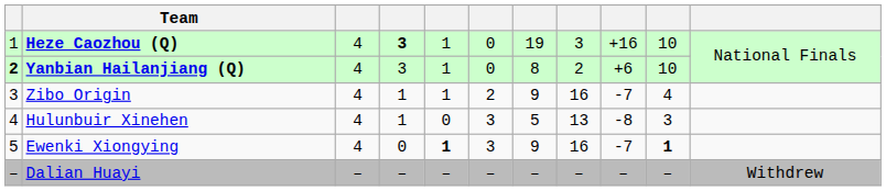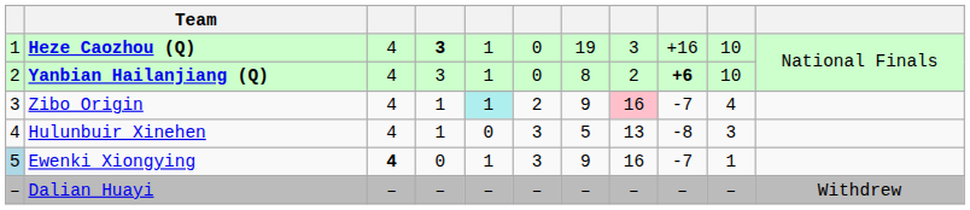 <table class="wikitable" style="text-align:center;">
 <tr>
 <th></th>
 <th width=250>Team</th>
 <th width=30></th>
 <th width=30></th>
 <th width=30></th>
 <th width=30></th>
 <th width=30></th>
 <th width=30></th>
 <th width=30></th>
 <th width=30></th>
 <th width=150></th>
 </tr>
 <tr bgcolor="#ccffcc">
 <td>1</td>
 <td align="left"><strong><a href='#'>Heze Caozhou</a> (Q)</strong></td>
 <td>4</td>
 <td><strong>3</strong></td>
 <td>1</td>
 <td>0</td>
 <td>19</td>
 <td>3</td>
 <td>+16</td>
 <td>10</td>
 <td rowspan=2>National Finals</td>
 </tr>
 <tr bgcolor="#ccffcc">
-<td><strong>2</strong></td>
+<td>2</td>
 <td align="left"><strong><a href='#'>Yanbian Hailanjiang</a> (Q)</strong></td>
 <td>4</td>
 <td>3</td>
 <td>1</td>
 <td>0</td>
 <td>8</td>
 <td>2</td>
-<td>+6</td>
+<td><strong>+6</strong></td>
 <td>10</td>
 </tr>
 <tr>
 <td>3</td>
 <td align="left"><a href='#'>Zibo Origin</a></td>
 <td>4</td>
 <td>1</td>
-<td>1</td>
+<td style="background: paleturquoise;">1</td>
 <td>2</td>
 <td>9</td>
-<td>16</td>
+<td style="background: pink;">16</td>
 <td>-7</td>
 <td>4</td>
 <td></td>
 </tr>
 <tr>
 <td>4</td>
 <td align="left"><a href='#'>Hulunbuir Xinehen</a></td>
 <td>4</td>
 <td>1</td>
 <td>0</td>
 <td>3</td>
 <td>5</td>
 <td>13</td>
 <td>-8</td>
 <td>3</td>
 <td></td>
 </tr>
 <tr>
-<td>5</td>
+<td style="background: lightblue;">5</td>
 <td align="left"><a href='#'>Ewenki Xiongying</a></td>
-<td>4</td>
+<td><strong>4</strong></td>
 <td>0</td>
-<td><strong>1</strong></td>
+<td>1</td>
 <td>3</td>
 <td>9</td>
 <td>16</td>
 <td>-7</td>
-<td><strong>1</strong></td>
+<td>1</td>
 <td></td>
 </tr>
 <tr bgcolor="#bbb">
 <td>–</td>
 <td align="left"><a href='#'>Dalian Huayi</a></td>
 <td>–</td>
 <td>–</td>
 <td>–</td>
 <td>–</td>
 <td>–</td>
 <td>–</td>
 <td>–</td>
 <td>–</td>
 <td>Withdrew</td>
 </tr>
 </table>
